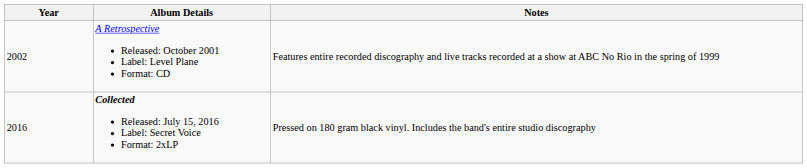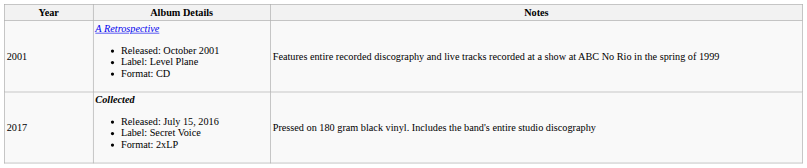 <table class ="wikitable">
 <tr>
 <th style="width: 5%">Year</th>
 <th style="width:10%">Album Details</th>
 <th style="width:30%">Notes</th>
 </tr>
 <tr>
-<td>2002</td>
+<td>2001</td>
 <td><em><a href='#'>A Retrospective</a></em><br><ul><li>Released: October 2001</li><li>Label: Level Plane</li><li>Format: CD</li></ul></td>
 <td>Features entire recorded discography and live tracks recorded at a show at ABC No Rio in the spring of 1999</td>
 </tr>
 <tr>
-<td>2016</td>
+<td>2017</td>
 <td><strong><em>Collected</em></strong><br><ul><li>Released: July 15, 2016</li><li>Label: Secret Voice</li><li>Format: 2xLP</li></ul></td>
 <td>Pressed on 180 gram black vinyl. Includes the band's entire studio discography</td>
 </tr>
 </table>
